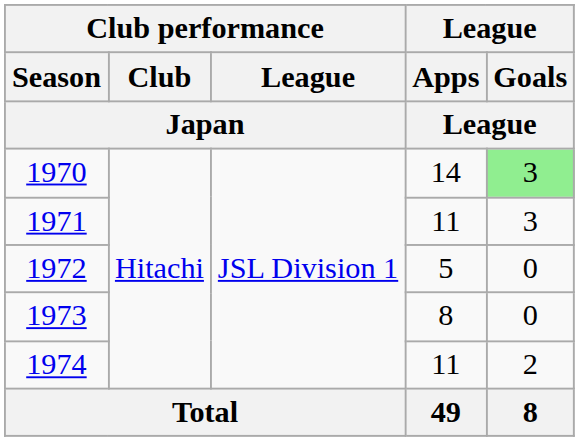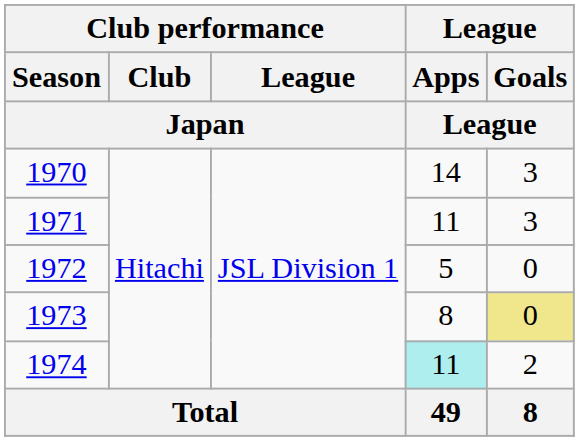 <table class="wikitable" style="text-align:center;">
 <tr>
 <th colspan=3>Club performance</th>
 <th colspan=2>League</th>
 </tr>
 <tr>
 <th>Season</th>
 <th>Club</th>
 <th>League</th>
 <th>Apps</th>
 <th>Goals</th>
 </tr>
 <tr>
 <th colspan=3>Japan</th>
 <th colspan=2>League</th>
 </tr>
 <tr>
 <td><a href='#'>1970</a></td>
 <td rowspan="5"><a href='#'>Hitachi</a></td>
 <td rowspan="5"><a href='#'>JSL Division 1</a></td>
 <td>14</td>
-<td style="background: lightgreen;">3</td>
+<td>3</td>
 </tr>
 <tr>
 <td><a href='#'>1971</a></td>
 <td>11</td>
 <td>3</td>
 </tr>
 <tr>
 <td><a href='#'>1972</a></td>
 <td>5</td>
 <td>0</td>
 </tr>
 <tr>
 <td><a href='#'>1973</a></td>
 <td>8</td>
-<td>0</td>
+<td style="background: khaki;">0</td>
 </tr>
 <tr>
 <td><a href='#'>1974</a></td>
-<td>11</td>
+<td style="background: paleturquoise;">11</td>
 <td>2</td>
 </tr>
 <tr>
 <th colspan=3>Total</th>
 <th>49</th>
 <th>8</th>
 </tr>
 </table>
